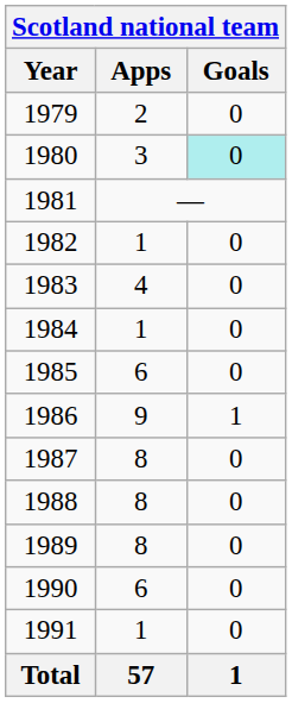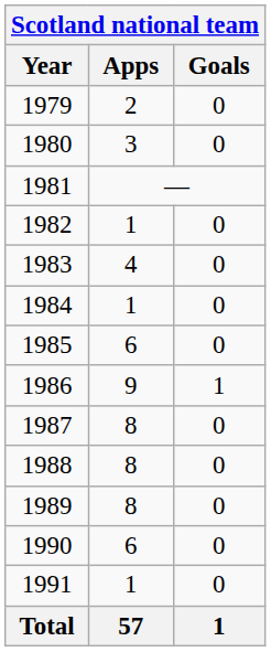 <table class="wikitable" style="text-align:center">
 <tr>
 <th colspan=3><a href='#'>Scotland national team</a></th>
 </tr>
 <tr>
 <th>Year</th>
 <th>Apps</th>
 <th>Goals</th>
 </tr>
 <tr>
 <td>1979</td>
 <td>2</td>
 <td>0</td>
 </tr>
 <tr>
 <td>1980</td>
 <td>3</td>
-<td style="background: paleturquoise;">0</td>
+<td>0</td>
 </tr>
 <tr>
 <td>1981</td>
 <td colspan=2>—</td>
 </tr>
 <tr>
 <td>1982</td>
 <td>1</td>
 <td>0</td>
 </tr>
 <tr>
 <td>1983</td>
 <td>4</td>
 <td>0</td>
 </tr>
 <tr>
 <td>1984</td>
 <td>1</td>
 <td>0</td>
 </tr>
 <tr>
 <td>1985</td>
 <td>6</td>
 <td>0</td>
 </tr>
 <tr>
 <td>1986</td>
 <td>9</td>
 <td>1</td>
 </tr>
 <tr>
 <td>1987</td>
 <td>8</td>
 <td>0</td>
 </tr>
 <tr>
 <td>1988</td>
 <td>8</td>
 <td>0</td>
 </tr>
 <tr>
 <td>1989</td>
 <td>8</td>
 <td>0</td>
 </tr>
 <tr>
 <td>1990</td>
 <td>6</td>
 <td>0</td>
 </tr>
 <tr>
 <td>1991</td>
 <td>1</td>
 <td>0</td>
 </tr>
 <tr>
 <th>Total</th>
 <th>57</th>
 <th>1</th>
 </tr>
 </table>
